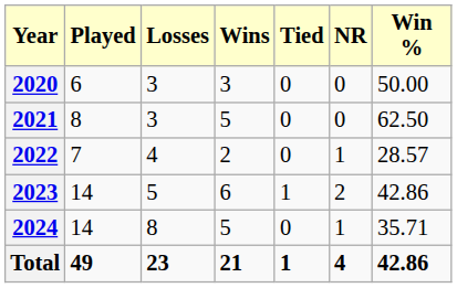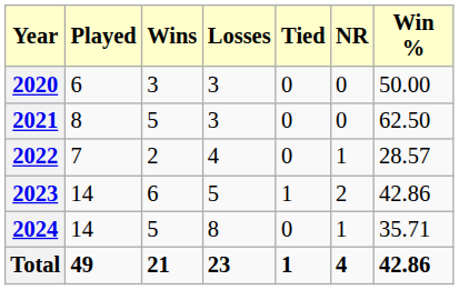 <table class="wikitable" style="width:25%;">
 <tr>
 <th style="background:#ffc;">Year</th>
 <th style="background:#ffc;">Played</th>
+<th style="background:#ffc;">Wins</th>
 <th style="background:#ffc;">Losses</th>
-<th style="background:#ffc;">Wins</th>
 <th style="background:#ffc;">Tied</th>
 <th style="background:#ffc;">NR</th>
 <th style="background:#ffc;">Win %</th>
 </tr>
 <tr>
 <th><a href='#'>2020</a></th>
 <td>6</td>
 <td>3</td>
 <td>3</td>
 <td>0</td>
 <td>0</td>
 <td>50.00</td>
 </tr>
 <tr>
 <th><a href='#'>2021</a></th>
 <td>8</td>
+<td>5</td>
 <td>3</td>
-<td>5</td>
 <td>0</td>
 <td>0</td>
 <td>62.50</td>
 </tr>
 <tr>
 <th><a href='#'>2022</a></th>
 <td>7</td>
+<td>2</td>
 <td>4</td>
-<td>2</td>
 <td>0</td>
 <td>1</td>
 <td>28.57</td>
 </tr>
 <tr>
 <th><a href='#'>2023</a></th>
 <td>14</td>
+<td>6</td>
 <td>5</td>
-<td>6</td>
 <td>1</td>
 <td>2</td>
 <td>42.86</td>
 </tr>
 <tr>
 <th><a href='#'>2024</a></th>
 <td>14</td>
+<td>5</td>
 <td>8</td>
-<td>5</td>
 <td>0</td>
 <td>1</td>
 <td>35.71</td>
 </tr>
 <tr>
 <th>Total</th>
 <td><strong>49</strong></td>
+<td><strong>21</strong></td>
 <td><strong>23</strong></td>
-<td><strong>21</strong></td>
 <td><strong>1</strong></td>
 <td><strong>4</strong></td>
 <td><strong>42.86</strong></td>
 </tr>
 </table>
